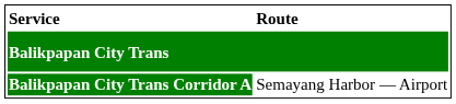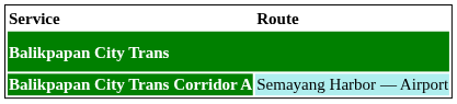 <table style="text-align:left; font-size:95%; border:1px solid black">
 <tr>
 <th>Service</th>
 <th>Route</th>
 </tr>
 <tr>
 <th colspan="2" style="background-color:#008000;color:white; height:35px">Balikpapan City Trans</th>
 </tr>
 <tr>
 <td style="background-color:#008000;color:white;text-align:center;font-weight:bold">Balikpapan City Trans Corridor A</td>
-<td>Semayang Harbor — Airport</td>
+<td style="background: paleturquoise;">Semayang Harbor — Airport</td>
 </tr>
 </table>
